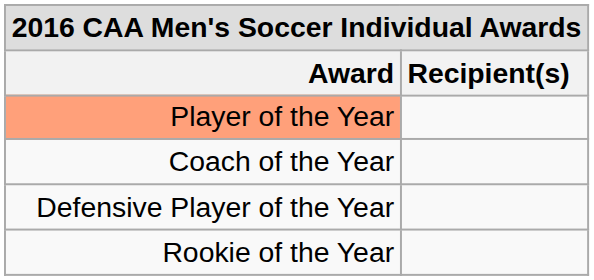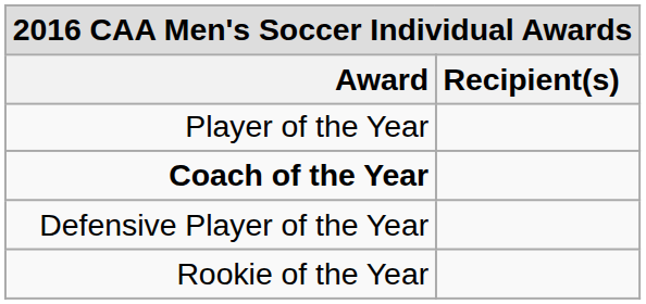 <table class="wikitable" style="white-space:nowrap; font-size:90%;">
 <tr>
 <td colspan="7" style="text-align:center; background:#ddd;"><strong>2016 CAA Men's Soccer Individual Awards</strong></td>
 </tr>
 <tr>
 <th style="text-align:right;">Award</th>
 <th style="text-align:left;">Recipient(s)</th>
 </tr>
 <tr>
-<td style="background: lightsalmon; text-align:right;">Player of the Year</td>
+<td style="text-align:right;">Player of the Year</td>
 <td style="text-align:left;"></td>
 </tr>
 <tr>
-<td style="text-align:right;">Coach of the Year</td>
+<td style="text-align:right;"><strong>Coach of the Year</strong></td>
 <td style="text-align:left;"></td>
 </tr>
 <tr>
 <td style="text-align:right;">Defensive Player of the Year</td>
 <td style="text-align:left;"></td>
 </tr>
 <tr>
 <td style="text-align:right;">Rookie of the Year</td>
 <td style="text-align:left;"></td>
 </tr>
 </table>
